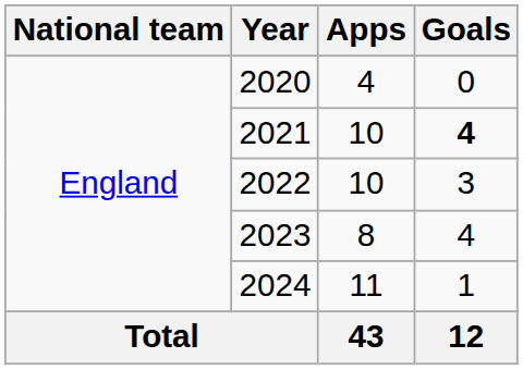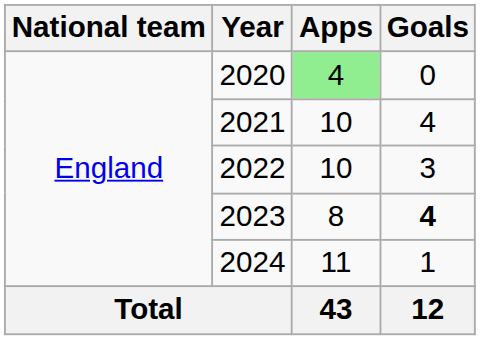 <table class="wikitable" style="text-align: center;">
 <tr>
 <th>National team</th>
 <th>Year</th>
 <th>Apps</th>
 <th>Goals</th>
 </tr>
 <tr>
 <td rowspan="5"><a href='#'>England</a></td>
 <td>2020</td>
-<td>4</td>
+<td style="background: lightgreen;">4</td>
 <td>0</td>
 </tr>
 <tr>
 <td>2021</td>
 <td>10</td>
-<td><strong>4</strong></td>
+<td>4</td>
 </tr>
 <tr>
 <td>2022</td>
 <td>10</td>
 <td>3</td>
 </tr>
 <tr>
 <td>2023</td>
 <td>8</td>
-<td>4</td>
+<td><strong>4</strong></td>
 </tr>
 <tr>
 <td>2024</td>
 <td>11</td>
 <td>1</td>
 </tr>
 <tr>
 <th colspan="2">Total</th>
 <th>43</th>
 <th>12</th>
 </tr>
 </table>
